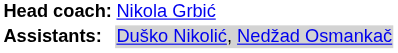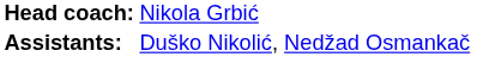 <table>
 <tr>
 <td><strong>Head coach:</strong></td>
 <td><a href='#'>Nikola Grbić</a></td>
 </tr>
 <tr>
 <td><strong>Assistants:</strong></td>
-<td style="background: lightgrey;"><a href='#'>Duško Nikolić</a>, <a href='#'>Nedžad Osmankač</a></td>
+<td><a href='#'>Duško Nikolić</a>, <a href='#'>Nedžad Osmankač</a></td>
 </tr>
 </table>
